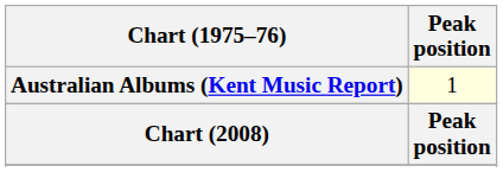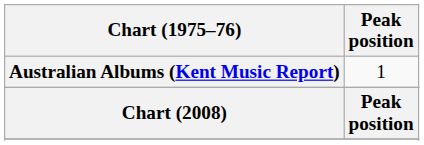 <table class="wikitable sortable plainrowheaders" style="text-align:center">
 <tr>
 <th scope="col">Chart (1975–76)</th>
 <th scope="col">Peak<br>position</th>
 </tr>
 <tr>
 <th scope="row">Australian Albums (<a href='#'>Kent Music Report</a>)</th>
-<td style="background: lightyellow;">1</td>
+<td>1</td>
 </tr>
 <tr>
 </tr>
 <tr>
 </tr>
 <tr>
 </tr>
 <tr>
 </tr>
 <tr>
 </tr>
 <tr>
 <th scope="col">Chart (2008)</th>
 <th scope="col">Peak<br>position</th>
 </tr>
 <tr>
 </tr>
 <tr>
 </tr>
 </table>
